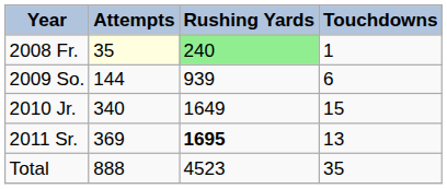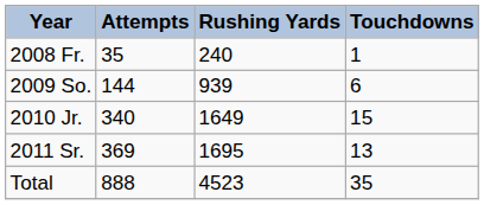 <table class="wikitable" style="font-size:90%">
 <tr style="text-align:center;">
 <th style="background:#B0C4DE;">Year</th>
 <th style="background:#B0C4DE;">Attempts</th>
 <th style="background:#B0C4DE;">Rushing Yards</th>
 <th style="background:#B0C4DE;">Touchdowns</th>
 </tr>
 <tr>
 <td>2008 Fr.</td>
-<td style="background: lightyellow;">35</td>
-<td style="background: lightgreen;">240</td>
+<td>35</td>
+<td>240</td>
 <td>1</td>
 </tr>
 <tr>
 <td>2009 So.</td>
 <td>144</td>
 <td>939</td>
 <td>6</td>
 </tr>
 <tr>
 <td>2010 Jr.</td>
 <td>340</td>
 <td>1649</td>
 <td>15</td>
 </tr>
 <tr>
 <td>2011 Sr.</td>
 <td>369</td>
-<td><strong>1695</strong></td>
+<td>1695</td>
 <td>13</td>
 </tr>
 <tr>
 <td>Total</td>
 <td>888</td>
 <td>4523</td>
 <td>35</td>
 </tr>
 <tr>
 </tr>
 </table>
